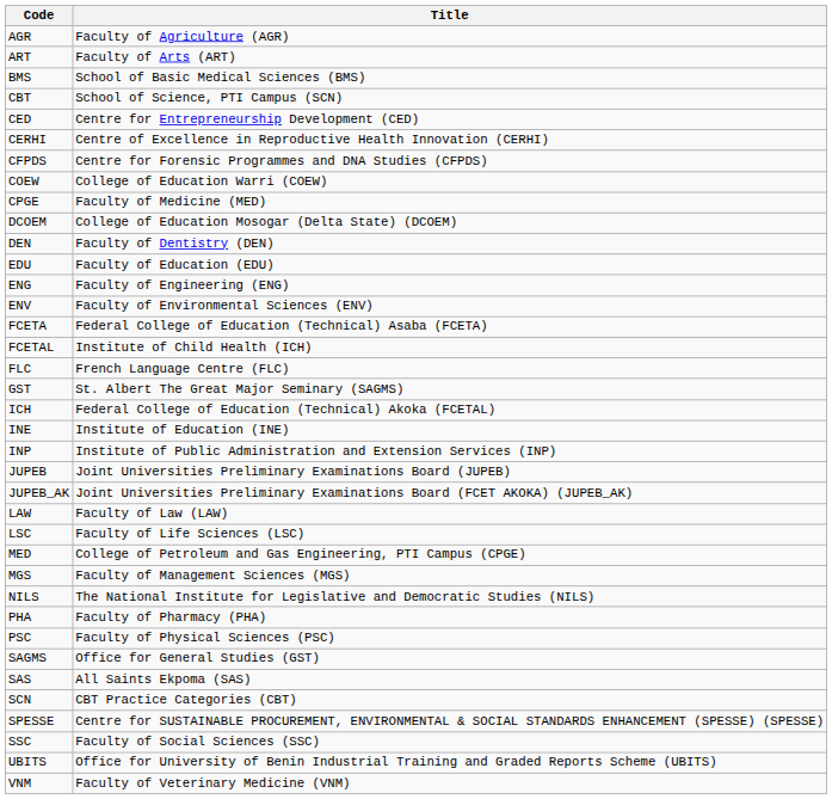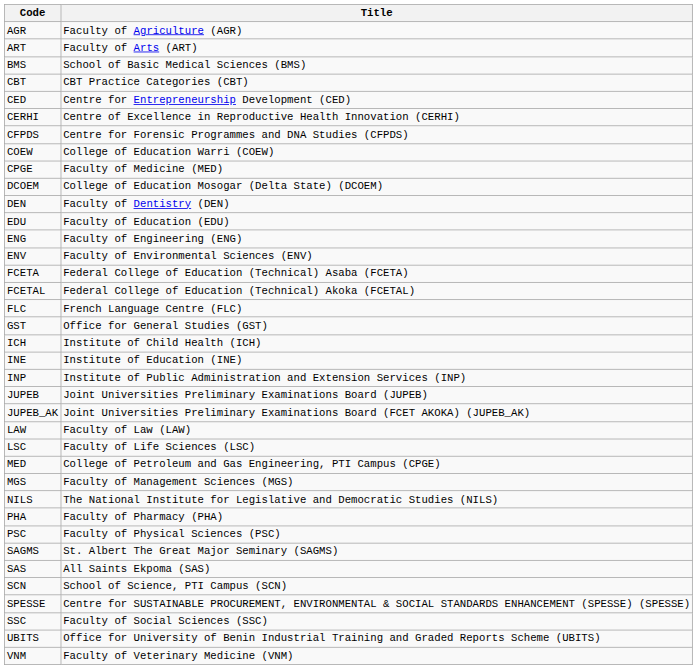 <table class="wikitable">
 <tr>
 <th>Code</th>
 <th>Title</th>
 </tr>
 <tr>
 <td>AGR</td>
 <td>Faculty of <a href='#'>Agriculture</a> (AGR)</td>
 </tr>
 <tr>
 <td>ART</td>
 <td>Faculty of <a href='#'>Arts</a> (ART)</td>
 </tr>
 <tr>
 <td>BMS</td>
 <td>School of Basic Medical Sciences (BMS)</td>
 </tr>
 <tr>
 <td>CBT</td>
-<td>School of Science, PTI Campus (SCN)</td>
+<td>CBT Practice Categories (CBT)</td>
 </tr>
 <tr>
 <td>CED</td>
 <td>Centre for <a href='#'>Entrepreneurship</a> Development (CED)</td>
 </tr>
 <tr>
 <td>CERHI</td>
 <td>Centre of Excellence in Reproductive Health Innovation (CERHI)</td>
 </tr>
 <tr>
 <td>CFPDS</td>
 <td>Centre for Forensic Programmes and DNA Studies (CFPDS)</td>
 </tr>
 <tr>
 <td>COEW</td>
 <td>College of Education Warri (COEW)</td>
 </tr>
 <tr>
 <td>CPGE</td>
 <td>Faculty of Medicine (MED)</td>
 </tr>
 <tr>
 <td>DCOEM</td>
 <td>College of Education Mosogar (Delta State) (DCOEM)</td>
 </tr>
 <tr>
 <td>DEN</td>
 <td>Faculty of <a href='#'>Dentistry</a> (DEN)</td>
 </tr>
 <tr>
 <td>EDU</td>
 <td>Faculty of Education (EDU)</td>
 </tr>
 <tr>
 <td>ENG</td>
 <td>Faculty of Engineering (ENG)</td>
 </tr>
 <tr>
 <td>ENV</td>
 <td>Faculty of Environmental Sciences (ENV)</td>
 </tr>
 <tr>
 <td>FCETA</td>
 <td>Federal College of Education (Technical) Asaba (FCETA)</td>
 </tr>
 <tr>
 <td>FCETAL</td>
-<td>Institute of Child Health (ICH)</td>
+<td>Federal College of Education (Technical) Akoka (FCETAL)</td>
 </tr>
 <tr>
 <td>FLC</td>
 <td>French Language Centre (FLC)</td>
 </tr>
 <tr>
 <td>GST</td>
-<td>St. Albert The Great Major Seminary (SAGMS)</td>
+<td>Office for General Studies (GST)</td>
 </tr>
 <tr>
 <td>ICH</td>
-<td>Federal College of Education (Technical) Akoka (FCETAL)</td>
+<td>Institute of Child Health (ICH)</td>
 </tr>
 <tr>
 <td>INE</td>
 <td>Institute of Education (INE)</td>
 </tr>
 <tr>
 <td>INP</td>
 <td>Institute of Public Administration and Extension Services (INP)</td>
 </tr>
 <tr>
 <td>JUPEB</td>
 <td>Joint Universities Preliminary Examinations Board (JUPEB)</td>
 </tr>
 <tr>
 <td>JUPEB_AK</td>
 <td>Joint Universities Preliminary Examinations Board (FCET AKOKA) (JUPEB_AK)</td>
 </tr>
 <tr>
 <td>LAW</td>
 <td>Faculty of Law (LAW)</td>
 </tr>
 <tr>
 <td>LSC</td>
 <td>Faculty of Life Sciences (LSC)</td>
 </tr>
 <tr>
 <td>MED</td>
 <td>College of Petroleum and Gas Engineering, PTI Campus (CPGE)</td>
 </tr>
 <tr>
 <td>MGS</td>
 <td>Faculty of Management Sciences (MGS)</td>
 </tr>
 <tr>
 <td>NILS</td>
 <td>The National Institute for Legislative and Democratic Studies (NILS)</td>
 </tr>
 <tr>
 <td>PHA</td>
 <td>Faculty of Pharmacy (PHA)</td>
 </tr>
 <tr>
 <td>PSC</td>
 <td>Faculty of Physical Sciences (PSC)</td>
 </tr>
 <tr>
 <td>SAGMS</td>
-<td>Office for General Studies (GST)</td>
+<td>St. Albert The Great Major Seminary (SAGMS)</td>
 </tr>
 <tr>
 <td>SAS</td>
 <td>All Saints Ekpoma (SAS)</td>
 </tr>
 <tr>
 <td>SCN</td>
-<td>CBT Practice Categories (CBT)</td>
+<td>School of Science, PTI Campus (SCN)</td>
 </tr>
 <tr>
 <td>SPESSE</td>
 <td>Centre for SUSTAINABLE PROCUREMENT, ENVIRONMENTAL & SOCIAL STANDARDS ENHANCEMENT (SPESSE) (SPESSE)</td>
 </tr>
 <tr>
 <td>SSC</td>
 <td>Faculty of Social Sciences (SSC)</td>
 </tr>
 <tr>
 <td>UBITS</td>
 <td>Office for University of Benin Industrial Training and Graded Reports Scheme (UBITS)</td>
 </tr>
 <tr>
 <td>VNM</td>
 <td>Faculty of Veterinary Medicine (VNM)</td>
 </tr>
 </table>
